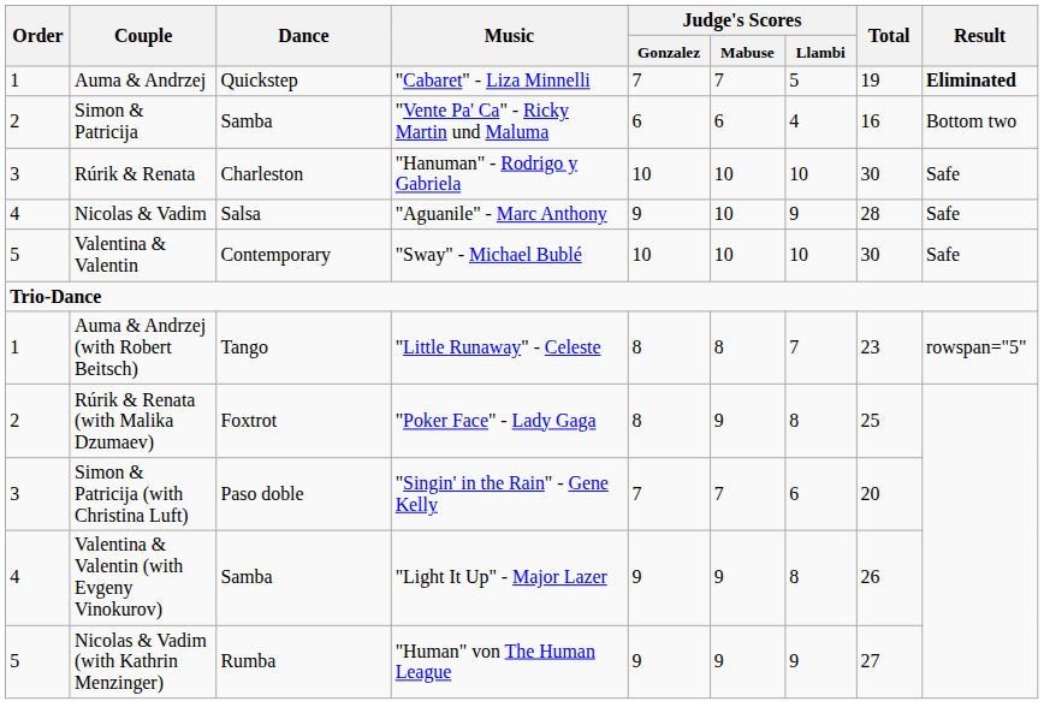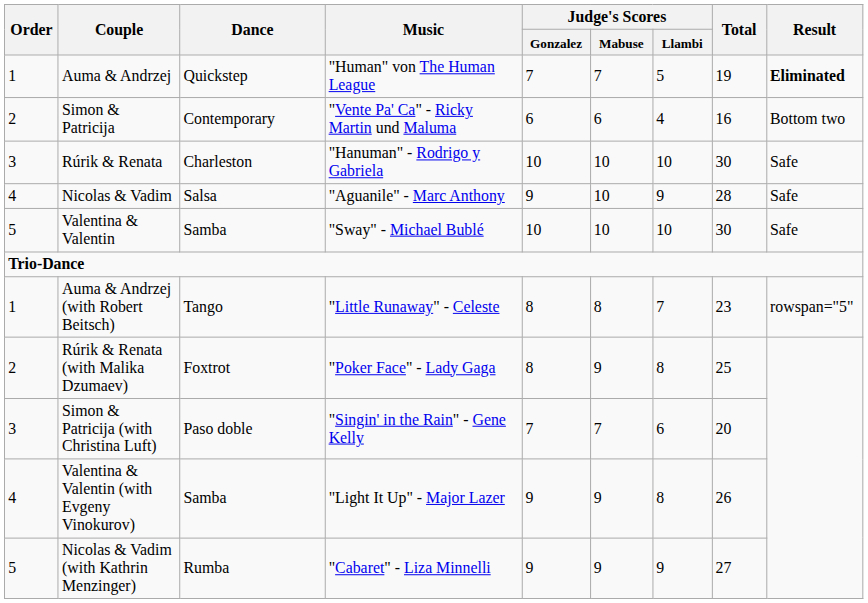 <table class="wikitable sortable center">
 <tr>
 <th rowspan="2" style="width: 4em">Order</th>
 <th rowspan="2" style="width: 17em">Couple</th>
 <th rowspan="2" style="width: 20em">Dance</th>
 <th rowspan="2" style="width: 40em">Music</th>
 <th colspan="3">Judge's Scores</th>
 <th rowspan="2" style="width: 6em">Total</th>
 <th rowspan="2" style="width: 7em">Result</th>
 </tr>
 <tr>
 <th style="width: 6em"><small>Gonzalez</small></th>
 <th style="width: 6em"><small>Mabuse</small></th>
 <th style="width: 6em"><small>Llambi</small></th>
 </tr>
 <tr>
 <td>1</td>
 <td>Auma & Andrzej</td>
 <td>Quickstep</td>
-<td>"<a href='#'>Cabaret</a>" - <a href='#'>Liza Minnelli</a></td>
+<td>"Human" von <a href='#'>The Human League</a></td>
 <td>7</td>
 <td>7</td>
 <td>5</td>
 <td>19</td>
 <td><strong>Eliminated</strong></td>
 </tr>
 <tr>
 <td>2</td>
 <td>Simon & Patricija</td>
-<td>Samba</td>
+<td>Contemporary</td>
 <td>"<a href='#'>Vente Pa' Ca</a>" - <a href='#'>Ricky Martin</a> und <a href='#'>Maluma</a></td>
 <td>6</td>
 <td>6</td>
 <td>4</td>
 <td>16</td>
 <td>Bottom two</td>
 </tr>
 <tr>
 <td>3</td>
 <td>Rúrik & Renata</td>
 <td>Charleston</td>
 <td>"Hanuman" - <a href='#'>Rodrigo y Gabriela</a></td>
 <td>10</td>
 <td>10</td>
 <td>10</td>
 <td>30</td>
 <td>Safe</td>
 </tr>
 <tr>
 <td>4</td>
 <td>Nicolas & Vadim</td>
 <td>Salsa</td>
 <td>"Aguanile" - <a href='#'>Marc Anthony</a></td>
 <td>9</td>
 <td>10</td>
 <td>9</td>
 <td>28</td>
 <td>Safe</td>
 </tr>
 <tr>
 <td>5</td>
 <td>Valentina & Valentin</td>
-<td>Contemporary</td>
+<td>Samba</td>
 <td>"Sway" - <a href='#'>Michael Bublé</a></td>
 <td>10</td>
 <td>10</td>
 <td>10</td>
 <td>30</td>
 <td>Safe</td>
 </tr>
 <tr>
 <td colspan="9"><strong>Trio-Dance</strong></td>
 </tr>
 <tr>
 <td>1</td>
 <td>Auma & Andrzej (with Robert Beitsch)</td>
 <td>Tango</td>
 <td>"<a href='#'>Little Runaway</a>" - <a href='#'>Celeste</a></td>
 <td>8</td>
 <td>8</td>
 <td>7</td>
 <td>23</td>
 <td>rowspan="5" </td>
 </tr>
 <tr>
 <td>2</td>
 <td>Rúrik & Renata (with Malika Dzumaev)</td>
 <td>Foxtrot</td>
 <td>"<a href='#'>Poker Face</a>" - <a href='#'>Lady Gaga</a></td>
 <td>8</td>
 <td>9</td>
 <td>8</td>
 <td>25</td>
 </tr>
 <tr>
 <td>3</td>
 <td>Simon & Patricija (with Christina Luft)</td>
 <td>Paso doble</td>
 <td>"<a href='#'>Singin' in the Rain</a>" - <a href='#'>Gene Kelly</a></td>
 <td>7</td>
 <td>7</td>
 <td>6</td>
 <td>20</td>
 </tr>
 <tr>
 <td>4</td>
 <td>Valentina & Valentin (with Evgeny Vinokurov)</td>
 <td>Samba</td>
 <td>"Light It Up" - <a href='#'>Major Lazer</a></td>
 <td>9</td>
 <td>9</td>
 <td>8</td>
 <td>26</td>
 </tr>
 <tr>
 <td>5</td>
 <td>Nicolas & Vadim (with Kathrin Menzinger)</td>
 <td>Rumba</td>
-<td>"Human" von <a href='#'>The Human League</a></td>
+<td>"<a href='#'>Cabaret</a>" - <a href='#'>Liza Minnelli</a></td>
 <td>9</td>
 <td>9</td>
 <td>9</td>
 <td>27</td>
 </tr>
 </table>
